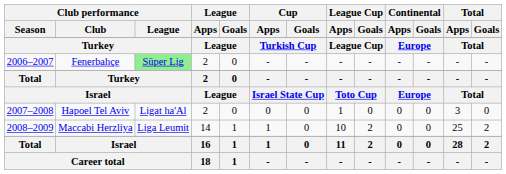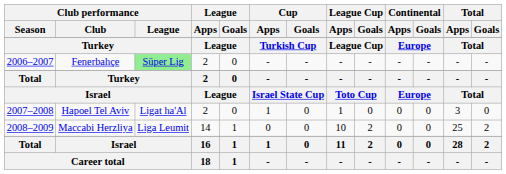 <table class="wikitable" style="text-align:center">
 <tr>
 <th colspan=3>Club performance</th>
 <th colspan=2>League</th>
 <th colspan=2>Cup</th>
 <th colspan=2>League Cup</th>
 <th colspan=2>Continental</th>
 <th colspan=2>Total</th>
 </tr>
 <tr>
 <th>Season</th>
 <th>Club</th>
 <th>League</th>
 <th>Apps</th>
 <th>Goals</th>
 <th>Apps</th>
 <th>Goals</th>
 <th>Apps</th>
 <th>Goals</th>
 <th>Apps</th>
 <th>Goals</th>
 <th>Apps</th>
 <th>Goals</th>
 </tr>
 <tr>
 </tr>
 <tr>
 <th colspan=3>Turkey</th>
 <th colspan=2>League</th>
 <th colspan=2><a href='#'>Turkish Cup</a></th>
 <th colspan=2>League Cup</th>
 <th colspan=2><a href='#'>Europe</a></th>
 <th colspan=2>Total</th>
 </tr>
 <tr>
 <td><a href='#'>2006–2007</a></td>
 <td><a href='#'>Fenerbahçe</a></td>
 <td style="background: lightgreen;"><a href='#'>Süper Lig</a></td>
 <td>2</td>
 <td>0</td>
 <td>-</td>
 <td>-</td>
 <td>-</td>
 <td>-</td>
 <td>-</td>
 <td>-</td>
 <td>-</td>
 <td>-</td>
 </tr>
 <tr>
 </tr>
 <tr>
 <th rowspan=1>Total</th>
 <th colspan=2>Turkey</th>
 <th>2</th>
 <th>0</th>
 <th>-</th>
 <th>-</th>
 <th>-</th>
 <th>-</th>
 <th>-</th>
 <th>-</th>
 <th>-</th>
 <th>-</th>
 </tr>
 <tr>
 <th colspan=3>Israel</th>
 <th colspan=2>League</th>
 <th colspan=2><a href='#'>Israel State Cup</a></th>
 <th colspan=2><a href='#'>Toto Cup</a></th>
 <th colspan=2><a href='#'>Europe</a></th>
 <th colspan=2>Total</th>
 </tr>
 <tr>
 <td><a href='#'>2007–2008</a></td>
 <td><a href='#'>Hapoel Tel Aviv</a></td>
 <td><a href='#'>Ligat ha'Al</a></td>
 <td>2</td>
 <td>0</td>
-<td>0</td>
+<td>1</td>
 <td>0</td>
 <td>1</td>
 <td>0</td>
 <td>0</td>
 <td>0</td>
 <td>3</td>
 <td>0</td>
 </tr>
 <tr>
 <td><a href='#'>2008–2009</a></td>
 <td><a href='#'>Maccabi Herzliya</a></td>
 <td><a href='#'>Liga Leumit</a></td>
 <td>14</td>
 <td>1</td>
-<td>1</td>
+<td>0</td>
 <td>0</td>
 <td>10</td>
 <td>2</td>
 <td>0</td>
 <td>0</td>
 <td>25</td>
 <td>2</td>
 </tr>
 <tr>
 </tr>
 <tr>
 <th rowspan=1>Total</th>
 <th colspan=2>Israel</th>
 <th>16</th>
 <th>1</th>
 <th>1</th>
 <th>0</th>
 <th>11</th>
 <th>2</th>
 <th>0</th>
 <th>0</th>
 <th>28</th>
 <th>2</th>
 </tr>
 <tr>
 <th colspan=3>Career total</th>
 <th>18</th>
 <th>1</th>
 <th>-</th>
 <th>-</th>
 <th>-</th>
 <th>-</th>
 <th>-</th>
 <th>-</th>
 <th>-</th>
 <th>-</th>
 </tr>
 </table>
